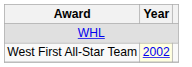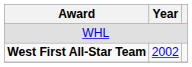 <table class="wikitable">
 <tr>
 <th>Award</th>
 <th>Year</th>
 <th></th>
 </tr>
 <tr ALIGN="center" bgcolor="#e0e0e0">
 <td colspan="3"><a href='#'>WHL</a></td>
 </tr>
 <tr>
-<td>West First All-Star Team</td>
-<td style="background: lightyellow;"><a href='#'>2002</a></td>
+<td><strong>West First All-Star Team</strong></td>
+<td><a href='#'>2002</a></td>
 <td></td>
 </tr>
 <tr>
 </tr>
 </table>
